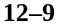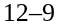 <table style="text-align:center">
 <tr>
 <th width=200></th>
 <th width=100></th>
 <th width=200></th>
 </tr>
 <tr>
 <td align=right><strong></strong></td>
-<td><strong>12–9</strong></td>
+<td>12–9</td>
 <td align=left></td>
 </tr>
 </table>
